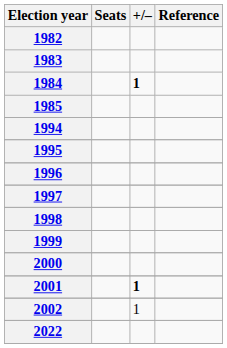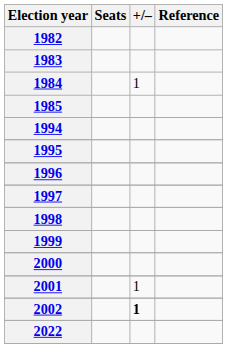 <table class=wikitable>
 <tr>
 <th>Election year</th>
 <th>Seats</th>
 <th>+/–</th>
 <th>Reference</th>
 </tr>
 <tr>
 <th><a href='#'>1982</a></th>
 <td></td>
 <td></td>
 <td></td>
 </tr>
 <tr>
 <th><a href='#'>1983</a></th>
 <td></td>
 <td></td>
 <td></td>
 </tr>
 <tr>
 <th><a href='#'>1984</a></th>
 <td></td>
-<td><strong> 1</strong></td>
+<td> 1</td>
 <td></td>
 </tr>
 <tr>
 <th><a href='#'>1985</a></th>
 <td></td>
 <td></td>
 <td></td>
 </tr>
 <tr>
 </tr>
 <tr>
 <th><a href='#'>1994</a></th>
 <td></td>
 <td></td>
 <td></td>
 </tr>
 <tr>
 </tr>
 <tr>
 <th><a href='#'>1995</a></th>
 <td></td>
 <td></td>
 <td></td>
 </tr>
 <tr>
 </tr>
 <tr>
 <th><a href='#'>1996</a></th>
 <td></td>
 <td></td>
 <td></td>
 </tr>
 <tr>
 </tr>
 <tr>
 <th><a href='#'>1997</a></th>
 <td></td>
 <td></td>
 <td></td>
 </tr>
 <tr>
 </tr>
 <tr>
 <th><a href='#'>1998</a></th>
 <td></td>
 <td></td>
 <td></td>
 </tr>
 <tr>
 </tr>
 <tr>
 <th><a href='#'>1999</a></th>
 <td></td>
 <td></td>
 <td></td>
 </tr>
 <tr>
 </tr>
 <tr>
 <th><a href='#'>2000</a></th>
 <td></td>
 <td></td>
 <td></td>
 </tr>
 <tr>
 </tr>
 <tr>
 <th><a href='#'>2001</a></th>
 <td></td>
-<td><strong> 1</strong></td>
+<td> 1</td>
 <td></td>
 </tr>
 <tr>
 </tr>
 <tr>
 <th><a href='#'>2002</a></th>
 <td></td>
-<td> 1</td>
+<td><strong> 1</strong></td>
 <td></td>
 </tr>
 <tr>
 </tr>
 <tr>
 <th><a href='#'>2022</a></th>
 <td></td>
 <td></td>
 <td></td>
 </tr>
 <tr>
 </tr>
 </table>
